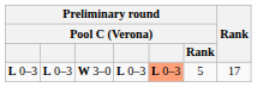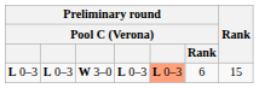 <table class="wikitable" style="font-size:100%;">
 <tr>
 <th colspan=6>Preliminary round</th>
 <th rowspan=3>Rank</th>
 </tr>
 <tr>
 <th colspan=6>Pool C (Verona)</th>
 </tr>
 <tr>
 <th></th>
 <th></th>
 <th></th>
 <th></th>
 <th></th>
 <th>Rank</th>
 </tr>
 <tr align=center>
 <td><strong>L</strong> 0–3</td>
 <td><strong>L</strong> 0–3</td>
 <td><strong>W</strong> 3–0</td>
 <td><strong>L</strong> 0–3</td>
 <td style="background: lightsalmon;"><strong>L</strong> 0–3</td>
-<td>5</td>
-<td>17</td>
+<td>6</td>
+<td>15</td>
 </tr>
 </table>
